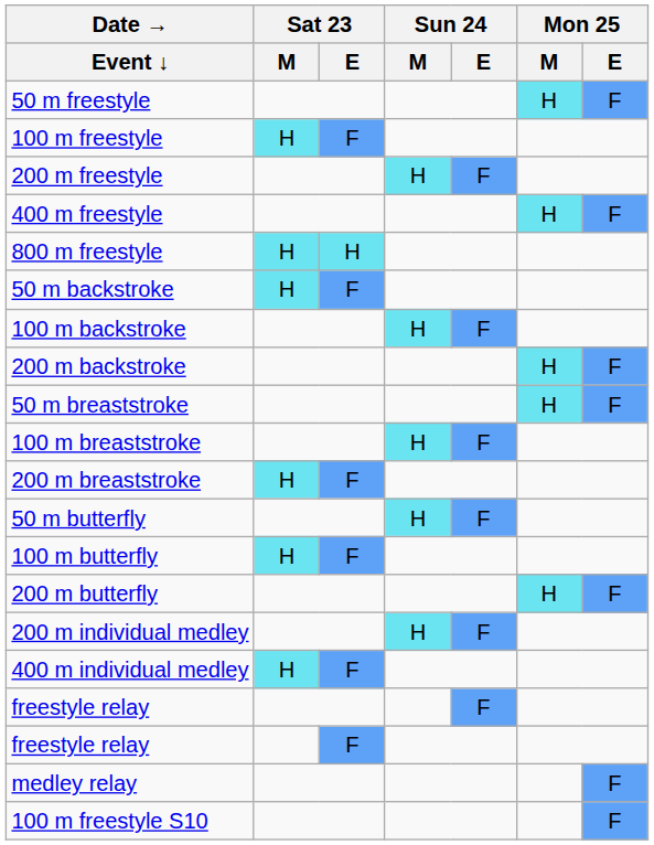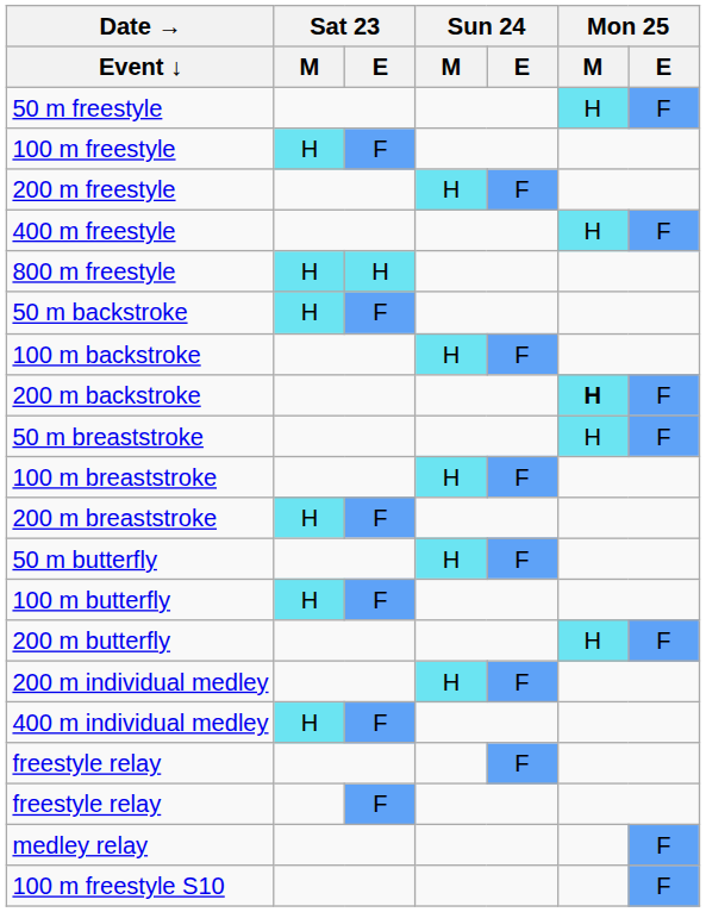 <table class="wikitable" style="margin:0.5em auto; font-size:95%; line-height:1.25em;">
 <tr style="text-align:center;">
 <th>Date →</th>
 <th colspan="2">Sat 23</th>
 <th colspan="2">Sun 24</th>
 <th colspan="2">Mon 25</th>
 </tr>
 <tr>
 <th>Event ↓</th>
 <th style="width:2.5em;">M</th>
 <th style="width:2.5em;">E</th>
 <th style="width:2.5em;">M</th>
 <th style="width:2.5em;">E</th>
 <th style="width:2.5em;">M</th>
 <th style="width:2.5em;">E</th>
 </tr>
 <tr style="text-align:center;">
 <td style="text-align:left;"><a href='#'>50 m freestyle</a></td>
 <td colspan="2"></td>
 <td colspan="2"></td>
 <td style="background-color:#6be4f2;">H</td>
 <td style="background-color:#5ea2f7;">F</td>
 </tr>
 <tr style="text-align:center;">
 <td style="text-align:left;"><a href='#'>100 m freestyle</a></td>
 <td style="background-color:#6be4f2;">H</td>
 <td style="background-color:#5ea2f7;">F</td>
 <td colspan="2"></td>
 <td colspan="2"></td>
 </tr>
 <tr style="text-align:center;">
 <td style="text-align:left;"><a href='#'>200 m freestyle</a></td>
 <td colspan="2"></td>
 <td style="background-color:#6be4f2;">H</td>
 <td style="background-color:#5ea2f7;">F</td>
 <td colspan="2"></td>
 </tr>
 <tr style="text-align:center;">
 <td style="text-align:left;"><a href='#'>400 m freestyle</a></td>
 <td colspan="2"></td>
 <td colspan="2"></td>
 <td style="background-color:#6be4f2;">H</td>
 <td style="background-color:#5ea2f7;">F</td>
 </tr>
 <tr style="text-align:center;">
 <td style="text-align:left;"><a href='#'>800 m freestyle</a></td>
 <td style="background-color:#6be4f2;">H</td>
 <td style="background-color:#6be4f2;">H</td>
 <td colspan="2"></td>
 <td colspan="2"></td>
 </tr>
 <tr style="text-align:center;">
 <td style="text-align:left;"><a href='#'>50 m backstroke</a></td>
 <td style="background-color:#6be4f2;">H</td>
 <td style="background-color:#5ea2f7;">F</td>
 <td colspan="2"></td>
 <td colspan="2"></td>
 </tr>
 <tr style="text-align:center;">
 <td style="text-align:left;"><a href='#'>100 m backstroke</a></td>
 <td colspan="2"></td>
 <td style="background-color:#6be4f2;">H</td>
 <td style="background-color:#5ea2f7;">F</td>
 <td colspan="2"></td>
 </tr>
 <tr style="text-align:center;">
 <td style="text-align:left;"><a href='#'>200 m backstroke</a></td>
 <td colspan="2"></td>
 <td colspan="2"></td>
-<td style="background-color:#6be4f2;">H</td>
+<td style="background-color:#6be4f2;"><strong>H</strong></td>
 <td style="background-color:#5ea2f7;">F</td>
 </tr>
 <tr style="text-align:center;">
 <td style="text-align:left;"><a href='#'>50 m breaststroke</a></td>
 <td colspan="2"></td>
 <td colspan="2"></td>
 <td style="background-color:#6be4f2;">H</td>
 <td style="background-color:#5ea2f7;">F</td>
 </tr>
 <tr style="text-align:center;">
 <td style="text-align:left;"><a href='#'>100 m breaststroke</a></td>
 <td colspan="2"></td>
 <td style="background-color:#6be4f2;">H</td>
 <td style="background-color:#5ea2f7;">F</td>
 <td colspan="2"></td>
 </tr>
 <tr style="text-align:center;">
 <td style="text-align:left;"><a href='#'>200 m breaststroke</a></td>
 <td style="background-color:#6be4f2;">H</td>
 <td style="background-color:#5ea2f7;">F</td>
 <td colspan="2"></td>
 <td colspan="2"></td>
 </tr>
 <tr style="text-align:center;">
 <td style="text-align:left;"><a href='#'>50 m butterfly</a></td>
 <td colspan="2"></td>
 <td style="background-color:#6be4f2;">H</td>
 <td style="background-color:#5ea2f7;">F</td>
 <td colspan="2"></td>
 </tr>
 <tr style="text-align:center;">
 <td style="text-align:left;"><a href='#'>100 m butterfly</a></td>
 <td style="background-color:#6be4f2;">H</td>
 <td style="background-color:#5ea2f7;">F</td>
 <td colspan="2"></td>
 <td colspan="2"></td>
 </tr>
 <tr style="text-align:center;">
 <td style="text-align:left;"><a href='#'>200 m butterfly</a></td>
 <td colspan="2"></td>
 <td colspan="2"></td>
 <td style="background-color:#6be4f2;">H</td>
 <td style="background-color:#5ea2f7;">F</td>
 </tr>
 <tr style="text-align:center;">
 <td style="text-align:left;"><a href='#'>200 m individual medley</a></td>
 <td colspan="2"></td>
 <td style="background-color:#6be4f2;">H</td>
 <td style="background-color:#5ea2f7;">F</td>
 <td colspan="2"></td>
 </tr>
 <tr style="text-align:center;">
 <td style="text-align:left;"><a href='#'>400 m individual medley</a></td>
 <td style="background-color:#6be4f2;">H</td>
 <td style="background-color:#5ea2f7;">F</td>
 <td colspan="2"></td>
 <td colspan="2"></td>
 </tr>
 <tr style="text-align:center;">
 <td style="text-align:left;"><a href='#'> freestyle relay</a></td>
 <td colspan="2"></td>
 <td></td>
 <td style="background-color:#5ea2f7;">F</td>
 <td colspan="2"></td>
 </tr>
 <tr style="text-align:center;">
 <td style="text-align:left;"><a href='#'> freestyle relay</a></td>
 <td></td>
 <td style="background-color:#5ea2f7;">F</td>
 <td colspan="2"></td>
 <td colspan="2"></td>
 </tr>
 <tr style="text-align:center;">
 <td style="text-align:left;"><a href='#'> medley relay</a></td>
 <td colspan="2"></td>
 <td colspan="2"></td>
 <td></td>
 <td style="background-color:#5ea2f7;">F</td>
 </tr>
 <tr style="text-align:center;">
 <td style="text-align:left;"><a href='#'>100 m freestyle S10</a></td>
 <td colspan="2"></td>
 <td colspan="2"></td>
 <td></td>
 <td style="background-color:#5ea2f7;">F</td>
 </tr>
 </table>
